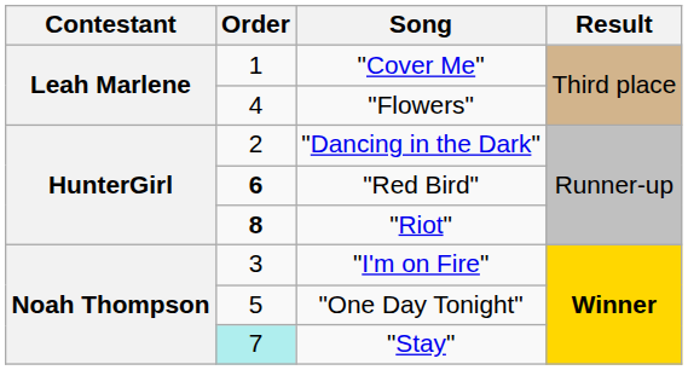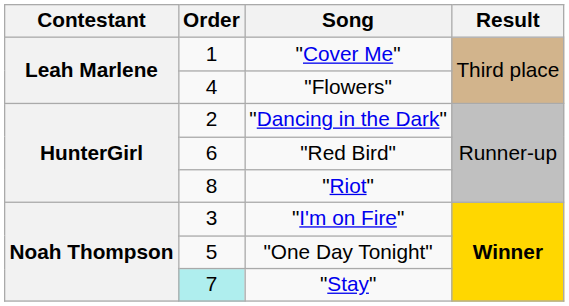 <table class="wikitable unsortable" style="text-align:center;">
 <tr>
 <th scope="col">Contestant</th>
 <th scope="col">Order</th>
 <th scope="col">Song</th>
 <th scope="col">Result</th>
 </tr>
 <tr>
 <th scope="row" rowspan="2">Leah Marlene</th>
 <td>1</td>
 <td>"<a href='#'>Cover Me</a>"</td>
 <td rowspan="2" bgcolor="tan">Third place</td>
 </tr>
 <tr>
 <td>4</td>
 <td>"Flowers"</td>
 </tr>
 <tr>
 <th scope="row" rowspan="3">HunterGirl</th>
 <td>2</td>
 <td>"<a href='#'>Dancing in the Dark</a>"</td>
 <td rowspan="3" bgcolor="silver">Runner-up</td>
 </tr>
 <tr>
-<td><strong>6</strong></td>
+<td>6</td>
 <td>"Red Bird"</td>
 </tr>
 <tr>
-<td><strong>8</strong></td>
+<td>8</td>
 <td>"<a href='#'>Riot</a>"</td>
 </tr>
 <tr>
 <th scope="row" rowspan="3">Noah Thompson</th>
 <td>3</td>
 <td>"<a href='#'>I'm on Fire</a>"</td>
 <td rowspan="3" bgcolor="gold"><strong>Winner</strong></td>
 </tr>
 <tr>
 <td>5</td>
 <td>"One Day Tonight"</td>
 </tr>
 <tr>
 <td style="background: paleturquoise;">7</td>
 <td>"<a href='#'>Stay</a>"</td>
 </tr>
 </table>
